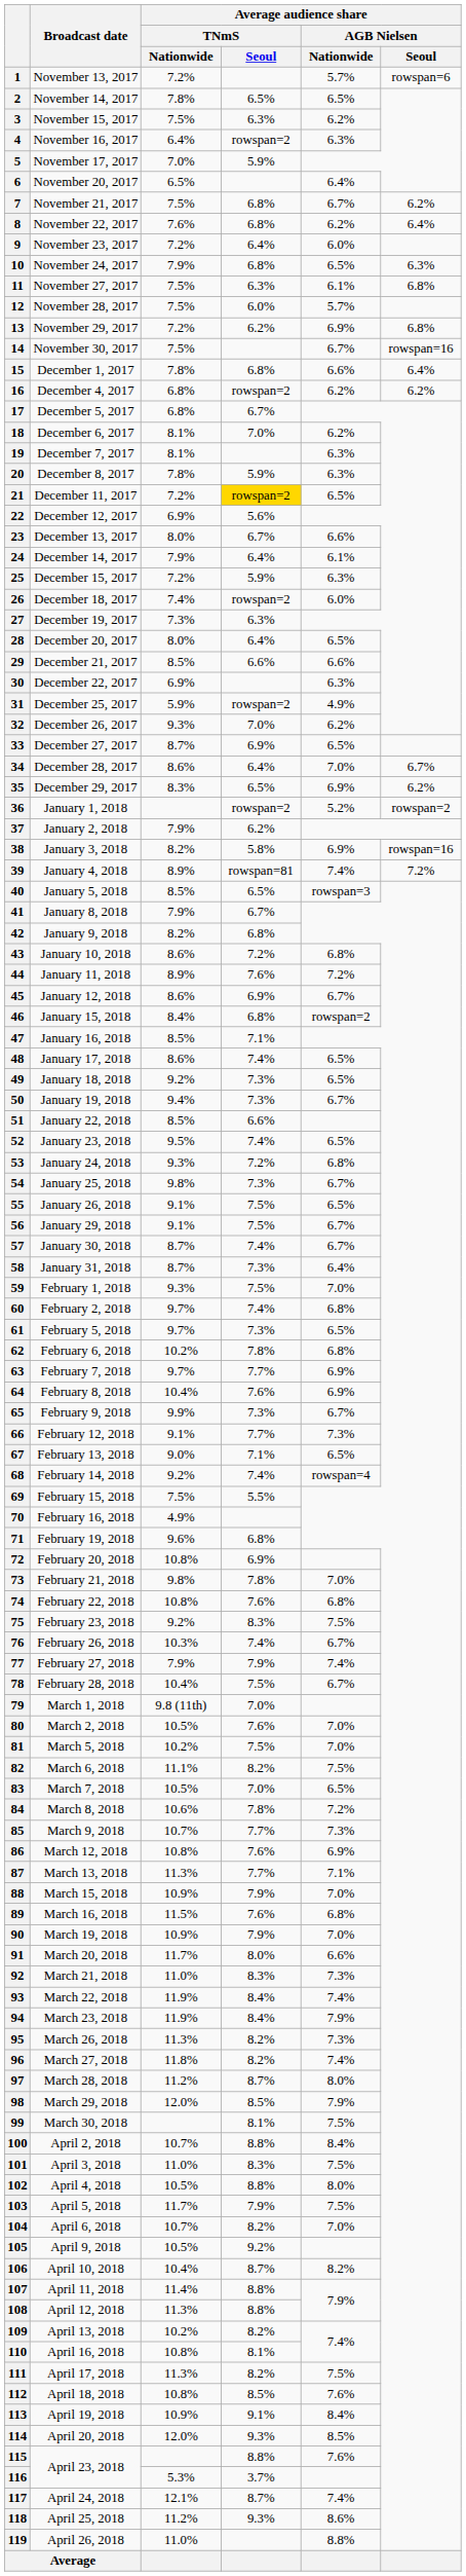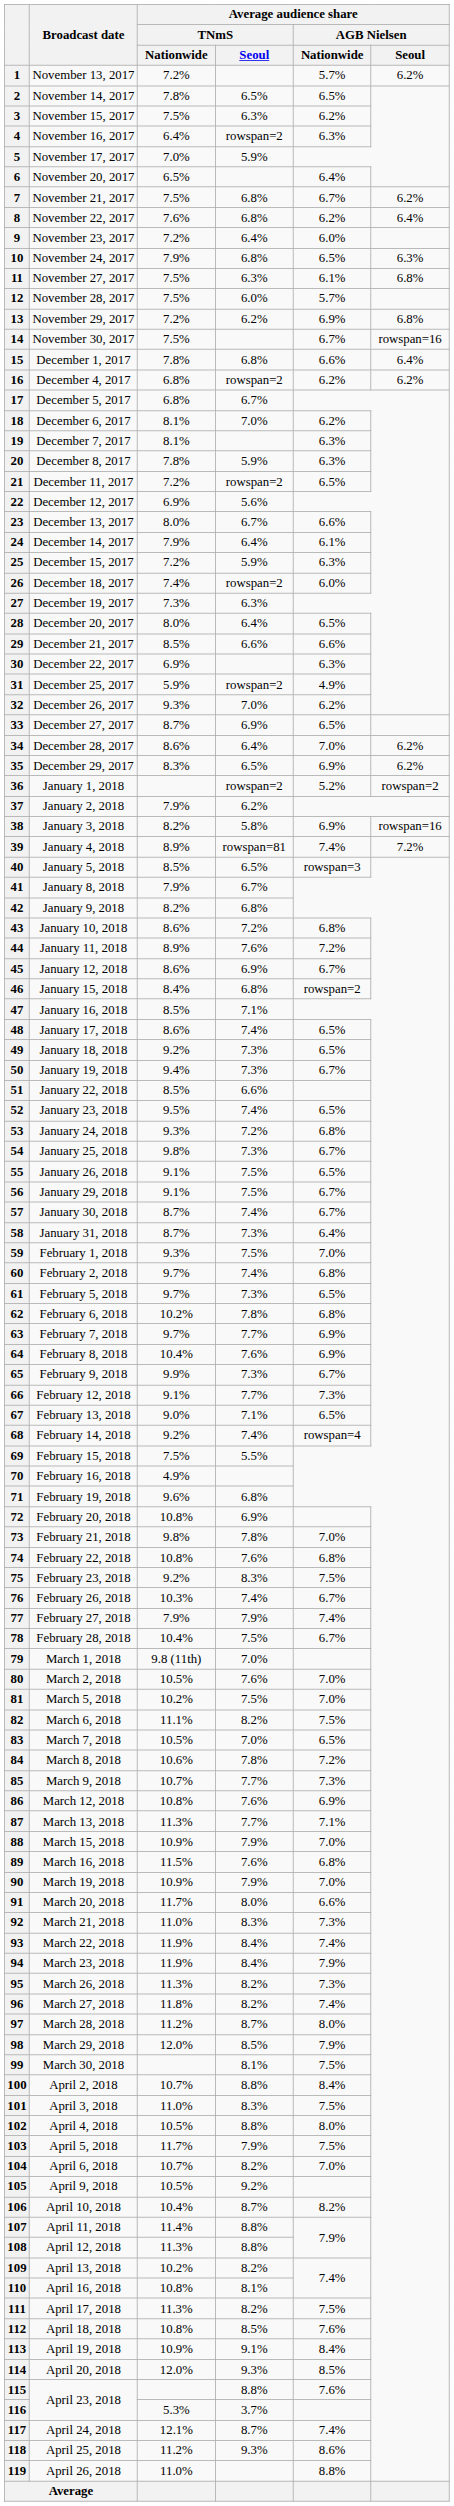 <table class="wikitable" style="text-align:center">
 <tr>
 <th rowspan="3"></th>
 <th rowspan="3">Broadcast date</th>
 <th colspan="4">Average audience share</th>
 </tr>
 <tr>
 <th colspan="2">TNmS</th>
 <th colspan="2">AGB Nielsen</th>
 </tr>
 <tr>
 <th width=90>Nationwide</th>
 <th width=90><a href='#'>Seoul</a></th>
 <th width=90>Nationwide</th>
 <th width=90>Seoul</th>
 </tr>
 <tr>
 <th>1</th>
 <td>November 13, 2017</td>
 <td>7.2% </td>
 <td></td>
 <td>5.7% </td>
-<td>rowspan=6 </td>
+<td>6.2% </td>
 </tr>
 <tr>
 <th>2</th>
 <td>November 14, 2017</td>
 <td>7.8% </td>
 <td>6.5% </td>
 <td>6.5% </td>
 </tr>
 <tr>
 <th>3</th>
 <td>November 15, 2017</td>
 <td>7.5% </td>
 <td>6.3% </td>
 <td>6.2% </td>
 </tr>
 <tr>
 <th>4</th>
 <td>November 16, 2017</td>
 <td>6.4% </td>
 <td>rowspan=2 </td>
 <td>6.3% </td>
 </tr>
 <tr>
 <th>5</th>
 <td>November 17, 2017</td>
 <td>7.0% </td>
 <td>5.9% </td>
 </tr>
 <tr>
 <th>6</th>
 <td>November 20, 2017</td>
 <td>6.5% </td>
 <td> </td>
 <td>6.4% </td>
 </tr>
 <tr>
 <th>7</th>
 <td>November 21, 2017</td>
 <td>7.5% </td>
 <td>6.8% </td>
 <td>6.7% </td>
 <td>6.2% </td>
 </tr>
 <tr>
 <th>8</th>
 <td>November 22, 2017</td>
 <td>7.6% </td>
 <td>6.8% </td>
 <td>6.2% </td>
 <td>6.4% </td>
 </tr>
 <tr>
 <th>9</th>
 <td>November 23, 2017</td>
 <td>7.2% </td>
 <td>6.4% </td>
 <td>6.0% </td>
 </tr>
 <tr>
 <th>10</th>
 <td>November 24, 2017</td>
 <td>7.9% </td>
 <td>6.8% </td>
 <td>6.5% </td>
 <td>6.3% </td>
 </tr>
 <tr>
 <th>11</th>
 <td>November 27, 2017</td>
 <td>7.5% </td>
 <td>6.3% </td>
 <td>6.1% </td>
 <td>6.8% </td>
 </tr>
 <tr>
 <th>12</th>
 <td>November 28, 2017</td>
 <td>7.5% </td>
 <td>6.0% </td>
 <td>5.7% </td>
 </tr>
 <tr>
 <th>13</th>
 <td>November 29, 2017</td>
 <td>7.2% </td>
 <td>6.2% </td>
 <td>6.9% </td>
 <td>6.8% </td>
 </tr>
 <tr>
 <th>14</th>
 <td>November 30, 2017</td>
 <td>7.5% </td>
 <td></td>
 <td>6.7% </td>
 <td>rowspan=16 </td>
 </tr>
 <tr>
 <th>15</th>
 <td>December 1, 2017</td>
 <td>7.8% </td>
 <td>6.8% </td>
 <td>6.6% </td>
 <td>6.4% </td>
 </tr>
 <tr>
 <th>16</th>
 <td>December 4, 2017</td>
 <td>6.8% </td>
 <td>rowspan=2 </td>
 <td>6.2% </td>
 <td>6.2% </td>
 </tr>
 <tr>
 <th>17</th>
 <td>December 5, 2017</td>
 <td>6.8% </td>
 <td>6.7% </td>
 </tr>
 <tr>
 <th>18</th>
 <td>December 6, 2017</td>
 <td>8.1% </td>
 <td>7.0% </td>
 <td>6.2% </td>
 </tr>
 <tr>
 <th>19</th>
 <td>December 7, 2017</td>
 <td>8.1% </td>
 <td> </td>
 <td>6.3% </td>
 </tr>
 <tr>
 <th>20</th>
 <td>December 8, 2017</td>
 <td>7.8% </td>
 <td>5.9% </td>
 <td>6.3% </td>
 </tr>
 <tr>
 <th>21</th>
 <td>December 11, 2017</td>
 <td>7.2% </td>
-<td style="background: gold;">rowspan=2 </td>
+<td>rowspan=2 </td>
 <td>6.5% </td>
 </tr>
 <tr>
 <th>22</th>
 <td>December 12, 2017</td>
 <td>6.9% </td>
 <td>5.6% </td>
 </tr>
 <tr>
 <th>23</th>
 <td>December 13, 2017</td>
 <td>8.0% </td>
 <td>6.7% </td>
 <td>6.6% </td>
 </tr>
 <tr>
 <th>24</th>
 <td>December 14, 2017</td>
 <td>7.9% </td>
 <td>6.4% </td>
 <td>6.1% </td>
 </tr>
 <tr>
 <th>25</th>
 <td>December 15, 2017</td>
 <td>7.2% </td>
 <td>5.9% </td>
 <td>6.3% </td>
 </tr>
 <tr>
 <th>26</th>
 <td>December 18, 2017</td>
 <td>7.4% </td>
 <td>rowspan=2 </td>
 <td>6.0% </td>
 </tr>
 <tr>
 <th>27</th>
 <td>December 19, 2017</td>
 <td>7.3% </td>
 <td>6.3% </td>
 </tr>
 <tr>
 <th>28</th>
 <td>December 20, 2017</td>
 <td>8.0% </td>
 <td>6.4% </td>
 <td>6.5% </td>
 </tr>
 <tr>
 <th>29</th>
 <td>December 21, 2017</td>
 <td>8.5% </td>
 <td>6.6% </td>
 <td>6.6% </td>
 </tr>
 <tr>
 <th>30</th>
 <td>December 22, 2017</td>
 <td>6.9% </td>
 <td> </td>
 <td>6.3% </td>
 </tr>
 <tr>
 <th>31</th>
 <td>December 25, 2017</td>
 <td>5.9% </td>
 <td>rowspan=2 </td>
 <td>4.9% </td>
 </tr>
 <tr>
 <th>32</th>
 <td>December 26, 2017</td>
 <td>9.3% </td>
 <td>7.0% </td>
 <td>6.2% </td>
 </tr>
 <tr>
 <th>33</th>
 <td>December 27, 2017</td>
 <td>8.7% </td>
 <td>6.9% </td>
 <td>6.5% </td>
 <td></td>
 </tr>
 <tr>
 <th>34</th>
 <td>December 28, 2017</td>
 <td>8.6% </td>
 <td>6.4% </td>
 <td>7.0% </td>
-<td>6.7% </td>
+<td>6.2% </td>
 </tr>
 <tr>
 <th>35</th>
 <td>December 29, 2017</td>
 <td>8.3% </td>
 <td>6.5% </td>
 <td>6.9% </td>
 <td>6.2% </td>
 </tr>
 <tr>
 <th>36</th>
 <td>January 1, 2018</td>
 <td> </td>
 <td>rowspan=2 </td>
 <td>5.2% </td>
 <td>rowspan=2 </td>
 </tr>
 <tr>
 <th>37</th>
 <td>January 2, 2018</td>
 <td>7.9% </td>
 <td>6.2% </td>
 </tr>
 <tr>
 <th>38</th>
 <td>January 3, 2018</td>
 <td>8.2% </td>
 <td>5.8% </td>
 <td>6.9% </td>
 <td>rowspan=16 </td>
 </tr>
 <tr>
 <th>39</th>
 <td>January 4, 2018</td>
 <td>8.9% </td>
 <td>rowspan=81 </td>
 <td>7.4% </td>
 <td>7.2% </td>
 </tr>
 <tr>
 <th>40</th>
 <td>January 5, 2018</td>
 <td>8.5% </td>
 <td>6.5% </td>
 <td>rowspan=3 </td>
 </tr>
 <tr>
 <th>41</th>
 <td>January 8, 2018</td>
 <td>7.9% </td>
 <td>6.7% </td>
 </tr>
 <tr>
 <th>42</th>
 <td>January 9, 2018</td>
 <td>8.2% </td>
 <td>6.8% </td>
 </tr>
 <tr>
 <th>43</th>
 <td>January 10, 2018</td>
 <td>8.6% </td>
 <td>7.2% </td>
 <td>6.8% </td>
 </tr>
 <tr>
 <th>44</th>
 <td>January 11, 2018</td>
 <td>8.9% </td>
 <td>7.6% </td>
 <td>7.2% </td>
 </tr>
 <tr>
 <th>45</th>
 <td>January 12, 2018</td>
 <td>8.6% </td>
 <td>6.9% </td>
 <td>6.7% </td>
 </tr>
 <tr>
 <th>46</th>
 <td>January 15, 2018</td>
 <td>8.4% </td>
 <td>6.8% </td>
 <td>rowspan=2 </td>
 </tr>
 <tr>
 <th>47</th>
 <td>January 16, 2018</td>
 <td>8.5% </td>
 <td>7.1% </td>
 </tr>
 <tr>
 <th>48</th>
 <td>January 17, 2018</td>
 <td>8.6% </td>
 <td>7.4% </td>
 <td>6.5% </td>
 </tr>
 <tr>
 <th>49</th>
 <td>January 18, 2018</td>
 <td>9.2% </td>
 <td>7.3% </td>
 <td>6.5% </td>
 </tr>
 <tr>
 <th>50</th>
 <td>January 19, 2018</td>
 <td>9.4% </td>
 <td>7.3% </td>
 <td>6.7% </td>
 </tr>
 <tr>
 <th>51</th>
 <td>January 22, 2018</td>
 <td>8.5% </td>
 <td>6.6% </td>
 <td></td>
 </tr>
 <tr>
 <th>52</th>
 <td>January 23, 2018</td>
 <td>9.5% </td>
 <td>7.4% </td>
 <td>6.5% </td>
 </tr>
 <tr>
 <th>53</th>
 <td>January 24, 2018</td>
 <td>9.3% </td>
 <td>7.2% </td>
 <td>6.8% </td>
 </tr>
 <tr>
 <th>54</th>
 <td>January 25, 2018</td>
 <td>9.8% </td>
 <td>7.3% </td>
 <td>6.7% </td>
 </tr>
 <tr>
 <th>55</th>
 <td>January 26, 2018</td>
 <td>9.1% </td>
 <td>7.5% </td>
 <td>6.5% </td>
 </tr>
 <tr>
 <th>56</th>
 <td>January 29, 2018</td>
 <td>9.1% </td>
 <td>7.5% </td>
 <td>6.7% </td>
 </tr>
 <tr>
 <th>57</th>
 <td>January 30, 2018</td>
 <td>8.7% </td>
 <td>7.4% </td>
 <td>6.7% </td>
 </tr>
 <tr>
 <th>58</th>
 <td>January 31, 2018</td>
 <td>8.7% </td>
 <td>7.3% </td>
 <td>6.4% </td>
 </tr>
 <tr>
 <th>59</th>
 <td>February 1, 2018</td>
 <td>9.3% </td>
 <td>7.5% </td>
 <td>7.0% </td>
 </tr>
 <tr>
 <th>60</th>
 <td>February 2, 2018</td>
 <td>9.7% </td>
 <td>7.4% </td>
 <td>6.8% </td>
 </tr>
 <tr>
 <th>61</th>
 <td>February 5, 2018</td>
 <td>9.7% </td>
 <td>7.3% </td>
 <td>6.5% </td>
 </tr>
 <tr>
 <th>62</th>
 <td>February 6, 2018</td>
 <td>10.2% </td>
 <td>7.8% </td>
 <td>6.8% </td>
 </tr>
 <tr>
 <th>63</th>
 <td>February 7, 2018</td>
 <td>9.7% </td>
 <td>7.7% </td>
 <td>6.9% </td>
 </tr>
 <tr>
 <th>64</th>
 <td>February 8, 2018</td>
 <td>10.4% </td>
 <td>7.6% </td>
 <td>6.9% </td>
 </tr>
 <tr>
 <th>65</th>
 <td>February 9, 2018</td>
 <td>9.9% </td>
 <td>7.3% </td>
 <td>6.7% </td>
 </tr>
 <tr>
 <th>66</th>
 <td>February 12, 2018</td>
 <td>9.1% </td>
 <td>7.7% </td>
 <td>7.3% </td>
 </tr>
 <tr>
 <th>67</th>
 <td>February 13, 2018</td>
 <td>9.0% </td>
 <td>7.1% </td>
 <td>6.5% </td>
 </tr>
 <tr>
 <th>68</th>
 <td>February 14, 2018</td>
 <td>9.2% </td>
 <td>7.4% </td>
 <td>rowspan=4 </td>
 </tr>
 <tr>
 <th>69</th>
 <td>February 15, 2018</td>
 <td>7.5% </td>
 <td>5.5% </td>
 </tr>
 <tr>
 <th>70</th>
 <td>February 16, 2018</td>
 <td>4.9% </td>
 <td> </td>
 </tr>
 <tr>
 <th>71</th>
 <td>February 19, 2018</td>
 <td>9.6% </td>
 <td>6.8% </td>
 </tr>
 <tr>
 <th>72</th>
 <td>February 20, 2018</td>
 <td>10.8% </td>
 <td>6.9% </td>
 <td> </td>
 </tr>
 <tr>
 <th>73</th>
 <td>February 21, 2018</td>
 <td>9.8% </td>
 <td>7.8% </td>
 <td>7.0% </td>
 </tr>
 <tr>
 <th>74</th>
 <td>February 22, 2018</td>
 <td>10.8% </td>
 <td>7.6% </td>
 <td>6.8% </td>
 </tr>
 <tr>
 <th>75</th>
 <td>February 23, 2018</td>
 <td>9.2% </td>
 <td>8.3% </td>
 <td>7.5% </td>
 </tr>
 <tr>
 <th>76</th>
 <td>February 26, 2018</td>
 <td>10.3% </td>
 <td>7.4% </td>
 <td>6.7% </td>
 </tr>
 <tr>
 <th>77</th>
 <td>February 27, 2018</td>
 <td>7.9% </td>
 <td>7.9% </td>
 <td>7.4% </td>
 </tr>
 <tr>
 <th>78</th>
 <td>February 28, 2018</td>
 <td>10.4% </td>
 <td>7.5% </td>
 <td>6.7% </td>
 </tr>
 <tr>
 <th>79</th>
 <td>March 1, 2018</td>
 <td>9.8 (11th)</td>
 <td>7.0% </td>
 <td></td>
 </tr>
 <tr>
 <th>80</th>
 <td>March 2, 2018</td>
 <td>10.5% </td>
 <td>7.6% </td>
 <td>7.0% </td>
 </tr>
 <tr>
 <th>81</th>
 <td>March 5, 2018</td>
 <td>10.2% </td>
 <td>7.5% </td>
 <td>7.0% </td>
 </tr>
 <tr>
 <th>82</th>
 <td>March 6, 2018</td>
 <td>11.1% </td>
 <td>8.2% </td>
 <td>7.5% </td>
 </tr>
 <tr>
 <th>83</th>
 <td>March 7, 2018</td>
 <td>10.5% </td>
 <td>7.0% </td>
 <td>6.5% </td>
 </tr>
 <tr>
 <th>84</th>
 <td>March 8, 2018</td>
 <td>10.6% </td>
 <td>7.8% </td>
 <td>7.2% </td>
 </tr>
 <tr>
 <th>85</th>
 <td>March 9, 2018</td>
 <td>10.7% </td>
 <td>7.7% </td>
 <td>7.3% </td>
 </tr>
 <tr>
 <th>86</th>
 <td>March 12, 2018</td>
 <td>10.8% </td>
 <td>7.6% </td>
 <td>6.9% </td>
 </tr>
 <tr>
 <th>87</th>
 <td>March 13, 2018</td>
 <td>11.3% </td>
 <td>7.7% </td>
 <td>7.1% </td>
 </tr>
 <tr>
 <th>88</th>
 <td>March 15, 2018 </td>
 <td>10.9% </td>
 <td>7.9% </td>
 <td>7.0% </td>
 </tr>
 <tr>
 <th>89</th>
 <td>March 16, 2018</td>
 <td>11.5% </td>
 <td>7.6% </td>
 <td>6.8% </td>
 </tr>
 <tr>
 <th>90</th>
 <td>March 19, 2018</td>
 <td>10.9% </td>
 <td>7.9% </td>
 <td>7.0% </td>
 </tr>
 <tr>
 <th>91</th>
 <td>March 20, 2018</td>
 <td>11.7% </td>
 <td>8.0% </td>
 <td>6.6% </td>
 </tr>
 <tr>
 <th>92</th>
 <td>March 21, 2018</td>
 <td>11.0% </td>
 <td>8.3% </td>
 <td>7.3% </td>
 </tr>
 <tr>
 <th>93</th>
 <td>March 22, 2018</td>
 <td>11.9% </td>
 <td>8.4% </td>
 <td>7.4% </td>
 </tr>
 <tr>
 <th>94</th>
 <td>March 23, 2018</td>
 <td>11.9% </td>
 <td>8.4% </td>
 <td>7.9% </td>
 </tr>
 <tr>
 <th>95</th>
 <td>March 26, 2018</td>
 <td>11.3% </td>
 <td>8.2% </td>
 <td>7.3% </td>
 </tr>
 <tr>
 <th>96</th>
 <td>March 27, 2018</td>
 <td>11.8% </td>
 <td>8.2% </td>
 <td>7.4% </td>
 </tr>
 <tr>
 <th>97</th>
 <td>March 28, 2018</td>
 <td>11.2% </td>
 <td>8.7% </td>
 <td>8.0% </td>
 </tr>
 <tr>
 <th>98</th>
 <td>March 29, 2018</td>
 <td>12.0% </td>
 <td>8.5% </td>
 <td>7.9% </td>
 </tr>
 <tr>
 <th>99</th>
 <td>March 30, 2018</td>
 <td> </td>
 <td>8.1% </td>
 <td>7.5% </td>
 </tr>
 <tr>
 <th>100</th>
 <td>April 2, 2018</td>
 <td>10.7% </td>
 <td>8.8% </td>
 <td>8.4% </td>
 </tr>
 <tr>
 <th>101</th>
 <td>April 3, 2018</td>
 <td>11.0% </td>
 <td>8.3% </td>
 <td>7.5% </td>
 </tr>
 <tr>
 <th>102</th>
 <td>April 4, 2018</td>
 <td>10.5% </td>
 <td>8.8% </td>
 <td>8.0% </td>
 </tr>
 <tr>
 <th>103</th>
 <td>April 5, 2018</td>
 <td>11.7% </td>
 <td>7.9% </td>
 <td>7.5% </td>
 </tr>
 <tr>
 <th>104</th>
 <td>April 6, 2018</td>
 <td>10.7% </td>
 <td>8.2% </td>
 <td>7.0% </td>
 </tr>
 <tr>
 <th>105</th>
 <td>April 9, 2018</td>
 <td>10.5% </td>
 <td>9.2% </td>
 <td> </td>
 </tr>
 <tr>
 <th>106</th>
 <td>April 10, 2018</td>
 <td>10.4% </td>
 <td>8.7% </td>
 <td>8.2% </td>
 </tr>
 <tr>
 <th>107</th>
 <td>April 11, 2018</td>
 <td>11.4% </td>
 <td>8.8% </td>
 <td rowspan="2">7.9% </td>
 </tr>
 <tr>
 <th>108</th>
 <td>April 12, 2018</td>
 <td>11.3% </td>
 <td>8.8% </td>
 </tr>
 <tr>
 <th>109</th>
 <td>April 13, 2018</td>
 <td>10.2% </td>
 <td>8.2% </td>
 <td rowspan="2">7.4% </td>
 </tr>
 <tr>
 <th>110</th>
 <td>April 16, 2018</td>
 <td>10.8% </td>
 <td>8.1% </td>
 </tr>
 <tr>
 <th>111</th>
 <td>April 17, 2018</td>
 <td>11.3% </td>
 <td>8.2% </td>
 <td>7.5% </td>
 </tr>
 <tr>
 <th>112</th>
 <td>April 18, 2018</td>
 <td>10.8% </td>
 <td>8.5% </td>
 <td>7.6% </td>
 </tr>
 <tr>
 <th>113</th>
 <td>April 19, 2018</td>
 <td>10.9% </td>
 <td>9.1% </td>
 <td>8.4% </td>
 </tr>
 <tr>
 <th>114</th>
 <td>April 20, 2018</td>
 <td>12.0% </td>
 <td>9.3% </td>
 <td>8.5% </td>
 </tr>
 <tr>
 <th>115</th>
 <td rowspan=2>April 23, 2018 </td>
 <td> </td>
 <td>8.8% </td>
 <td>7.6% </td>
 </tr>
 <tr>
 <th>116</th>
 <td>5.3% </td>
 <td>3.7% </td>
 <td></td>
 </tr>
 <tr>
 <th>117</th>
 <td>April 24, 2018</td>
 <td>12.1% </td>
 <td>8.7% </td>
 <td>7.4% </td>
 </tr>
 <tr>
 <th>118</th>
 <td>April 25, 2018</td>
 <td>11.2% </td>
 <td>9.3% </td>
 <td>8.6% </td>
 </tr>
 <tr>
 <th>119</th>
 <td>April 26, 2018 </td>
 <td>11.0% </td>
 <td> </td>
 <td>8.8% </td>
 </tr>
 <tr>
 <th colspan="2">Average</th>
 <th></th>
 <th></th>
 <th></th>
 <th></th>
 </tr>
 </table>
